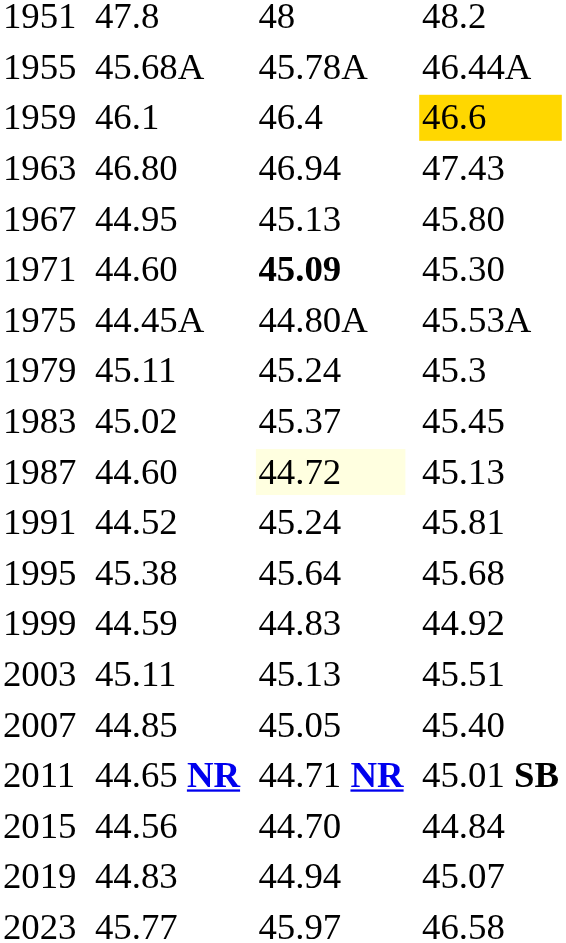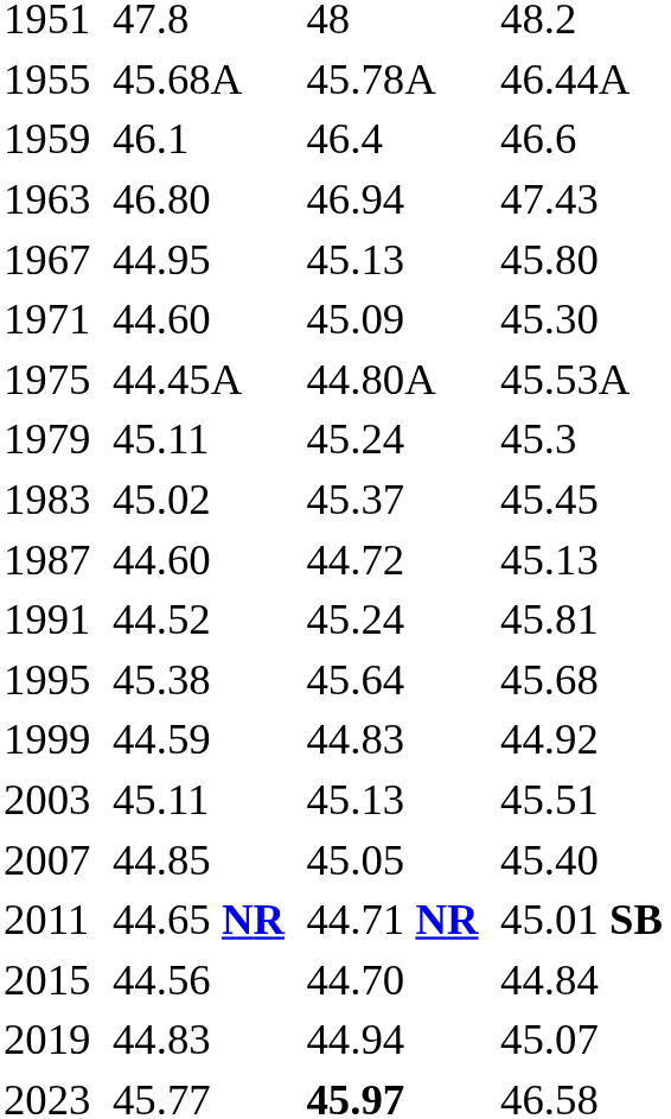 <table>
 <tr>
 <td>1951<br></td>
 <td></td>
 <td>47.8</td>
 <td></td>
 <td>48</td>
 <td></td>
 <td>48.2</td>
 </tr>
 <tr>
 <td>1955<br></td>
 <td></td>
 <td>45.68A</td>
 <td></td>
 <td>45.78A</td>
 <td></td>
 <td>46.44A</td>
 </tr>
 <tr>
 <td>1959<br></td>
 <td></td>
 <td>46.1</td>
 <td></td>
 <td>46.4</td>
 <td></td>
-<td style="background: gold;">46.6</td>
+<td>46.6</td>
 </tr>
 <tr>
 <td>1963<br></td>
 <td></td>
 <td>46.80</td>
 <td></td>
 <td>46.94</td>
 <td></td>
 <td>47.43</td>
 </tr>
 <tr>
 <td>1967<br></td>
 <td></td>
 <td>44.95</td>
 <td></td>
 <td>45.13</td>
 <td></td>
 <td>45.80</td>
 </tr>
 <tr>
 <td>1971<br></td>
 <td></td>
 <td>44.60</td>
 <td></td>
-<td><strong>45.09</strong></td>
+<td>45.09</td>
 <td></td>
 <td>45.30 </td>
 </tr>
 <tr>
 <td>1975<br></td>
 <td></td>
 <td>44.45A</td>
 <td></td>
 <td>44.80A</td>
 <td></td>
 <td>45.53A</td>
 </tr>
 <tr>
 <td>1979<br></td>
 <td></td>
 <td>45.11</td>
 <td></td>
 <td>45.24</td>
 <td></td>
 <td>45.3</td>
 </tr>
 <tr>
 <td>1983<br></td>
 <td></td>
 <td>45.02</td>
 <td></td>
 <td>45.37</td>
 <td></td>
 <td>45.45</td>
 </tr>
 <tr>
 <td>1987<br></td>
 <td></td>
 <td>44.60</td>
 <td></td>
-<td style="background: lightyellow;">44.72</td>
+<td>44.72</td>
 <td></td>
 <td>45.13</td>
 </tr>
 <tr>
 <td>1991<br></td>
 <td></td>
 <td>44.52</td>
 <td></td>
 <td>45.24</td>
 <td></td>
 <td>45.81</td>
 </tr>
 <tr>
 <td>1995<br></td>
 <td></td>
 <td>45.38</td>
 <td></td>
 <td>45.64</td>
 <td></td>
 <td>45.68</td>
 </tr>
 <tr>
 <td>1999<br></td>
 <td></td>
 <td>44.59</td>
 <td></td>
 <td>44.83</td>
 <td></td>
 <td>44.92</td>
 </tr>
 <tr>
 <td>2003<br></td>
 <td></td>
 <td>45.11</td>
 <td></td>
 <td>45.13</td>
 <td></td>
 <td>45.51</td>
 </tr>
 <tr>
 <td>2007<br></td>
 <td></td>
 <td>44.85</td>
 <td></td>
 <td>45.05</td>
 <td></td>
 <td>45.40</td>
 </tr>
 <tr>
 <td>2011<br></td>
 <td></td>
 <td>44.65 <strong><a href='#'>NR</a></strong></td>
 <td></td>
 <td>44.71 <strong><a href='#'>NR</a></strong></td>
 <td></td>
 <td>45.01 <strong>SB</strong></td>
 </tr>
 <tr>
 <td>2015<br></td>
 <td></td>
 <td>44.56  </td>
 <td></td>
 <td>44.70</td>
 <td></td>
 <td>44.84  </td>
 </tr>
 <tr>
 <td>2019<br></td>
 <td></td>
 <td>44.83</td>
 <td></td>
 <td>44.94</td>
 <td></td>
 <td>45.07</td>
 </tr>
 <tr>
 <td>2023<br></td>
 <td></td>
 <td>45.77</td>
 <td></td>
-<td>45.97</td>
+<td><strong>45.97</strong></td>
 <td></td>
 <td>46.58</td>
 </tr>
 </table>
